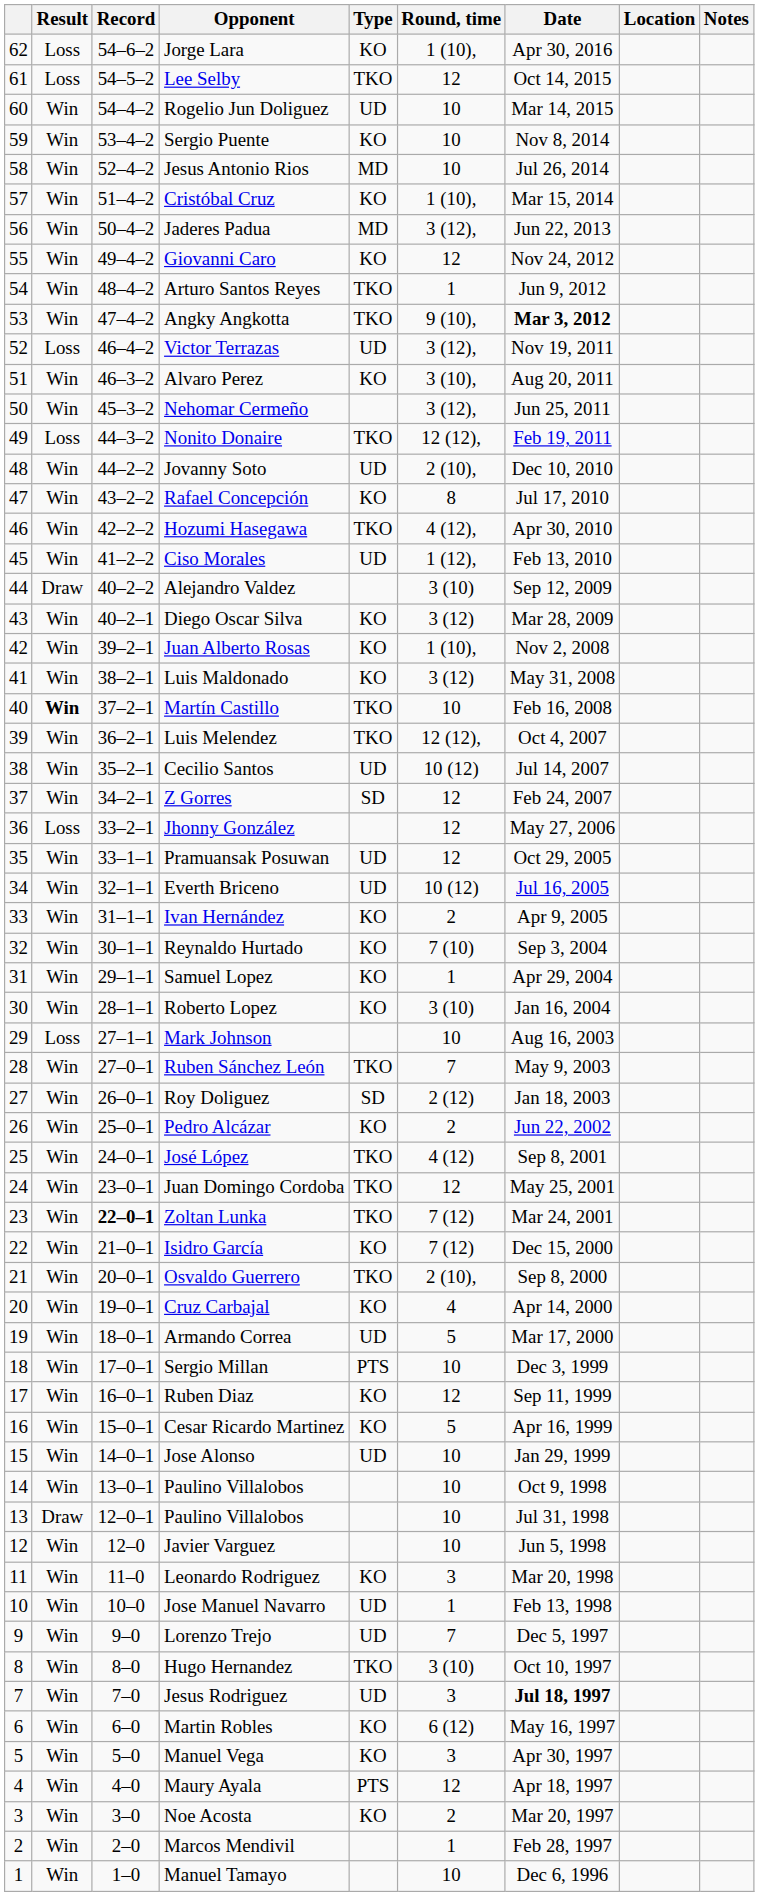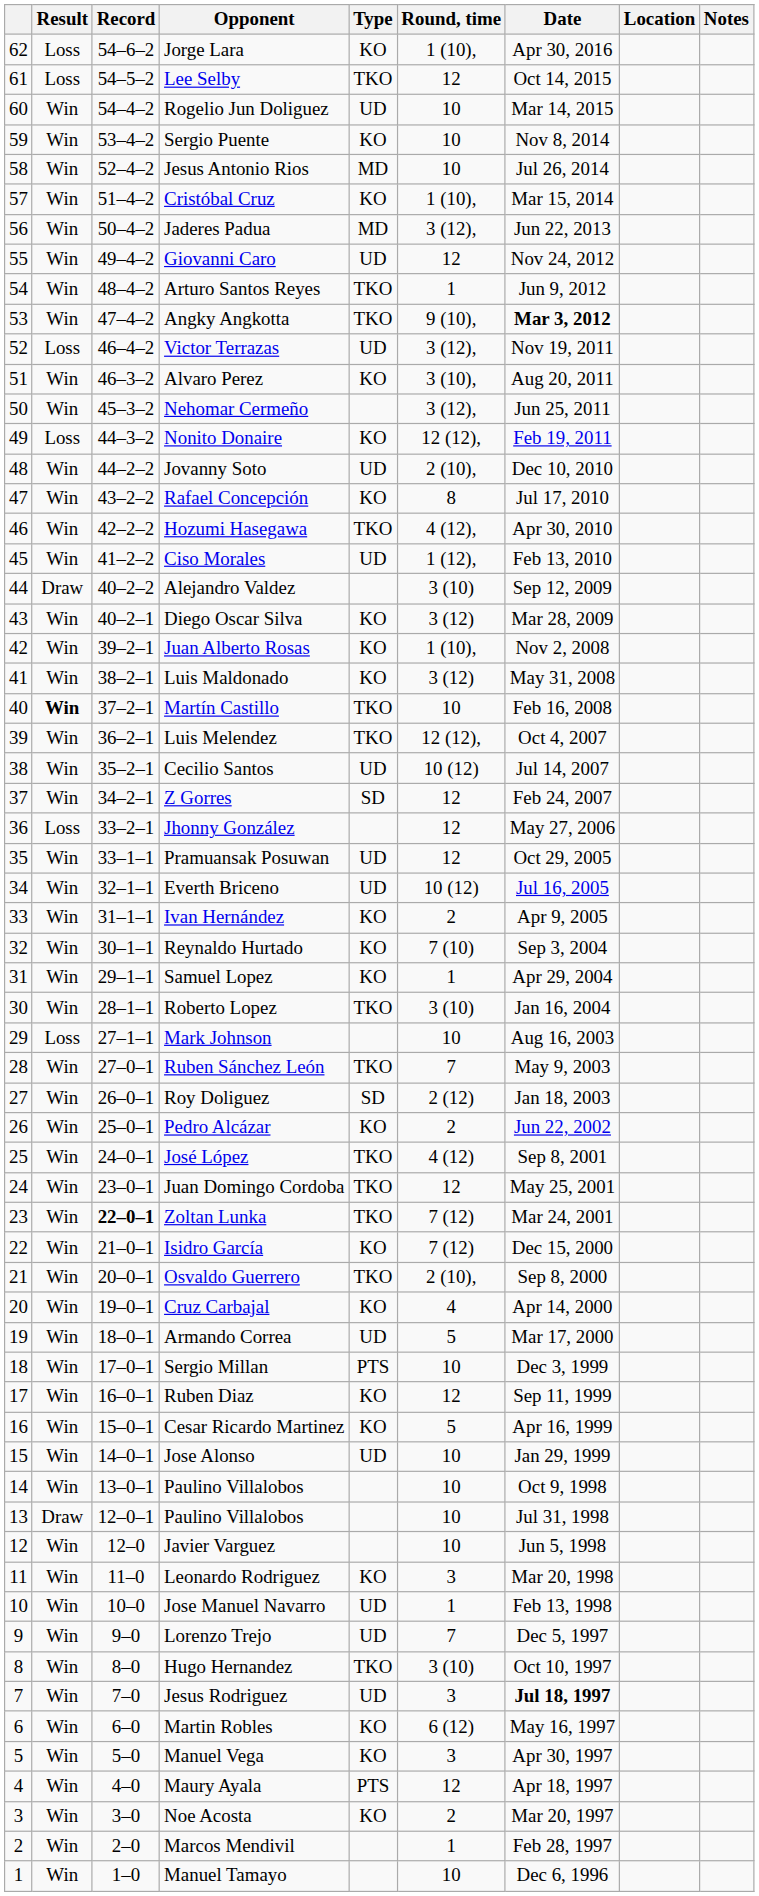 <table class="wikitable" style="text-align:center">
 <tr>
 <th></th>
 <th>Result</th>
 <th>Record</th>
 <th>Opponent</th>
 <th>Type</th>
 <th>Round, time</th>
 <th>Date</th>
 <th>Location</th>
 <th>Notes</th>
 </tr>
 <tr>
 <td>62</td>
 <td>Loss</td>
 <td>54–6–2</td>
 <td style="text-align:left;">Jorge Lara</td>
 <td>KO</td>
 <td>1 (10), </td>
 <td>Apr 30, 2016</td>
 <td style="text-align:left;"></td>
 <td></td>
 </tr>
 <tr>
 <td>61</td>
 <td>Loss</td>
 <td>54–5–2</td>
 <td style="text-align:left;"><a href='#'>Lee Selby</a></td>
 <td>TKO</td>
 <td>12</td>
 <td>Oct 14, 2015</td>
 <td style="text-align:left;"></td>
 <td style="text-align:left;"></td>
 </tr>
 <tr>
 <td>60</td>
 <td>Win</td>
 <td>54–4–2</td>
 <td style="text-align:left;">Rogelio Jun Doliguez</td>
 <td>UD</td>
 <td>10</td>
 <td>Mar 14, 2015</td>
 <td style="text-align:left;"></td>
 <td></td>
 </tr>
 <tr>
 <td>59</td>
 <td>Win</td>
 <td>53–4–2</td>
 <td style="text-align:left;">Sergio Puente</td>
 <td>KO</td>
 <td>10</td>
 <td>Nov 8, 2014</td>
 <td style="text-align:left;"></td>
 <td></td>
 </tr>
 <tr>
 <td>58</td>
 <td>Win</td>
 <td>52–4–2</td>
 <td style="text-align:left;">Jesus Antonio Rios</td>
 <td>MD</td>
 <td>10</td>
 <td>Jul 26, 2014</td>
 <td style="text-align:left;"></td>
 <td></td>
 </tr>
 <tr>
 <td>57</td>
 <td>Win</td>
 <td>51–4–2</td>
 <td style="text-align:left;"><a href='#'>Cristóbal Cruz</a></td>
 <td>KO</td>
 <td>1 (10), </td>
 <td>Mar 15, 2014</td>
 <td style="text-align:left;"></td>
 <td></td>
 </tr>
 <tr>
 <td>56</td>
 <td>Win</td>
 <td>50–4–2</td>
 <td style="text-align:left;">Jaderes Padua</td>
 <td>MD</td>
 <td>3 (12), </td>
 <td>Jun 22, 2013</td>
 <td style="text-align:left;"></td>
 <td style="text-align:left;"></td>
 </tr>
 <tr>
 <td>55</td>
 <td>Win</td>
 <td>49–4–2</td>
 <td style="text-align:left;"><a href='#'>Giovanni Caro</a></td>
-<td>KO</td>
+<td>UD</td>
 <td>12</td>
 <td>Nov 24, 2012</td>
 <td style="text-align:left;"></td>
 <td style="text-align:left;"></td>
 </tr>
 <tr>
 <td>54</td>
 <td>Win</td>
 <td>48–4–2</td>
 <td style="text-align:left;">Arturo Santos Reyes</td>
 <td>TKO</td>
 <td>1</td>
 <td>Jun 9, 2012</td>
 <td style="text-align:left;"></td>
 <td></td>
 </tr>
 <tr>
 <td>53</td>
 <td>Win</td>
 <td>47–4–2</td>
 <td style="text-align:left;">Angky Angkotta</td>
 <td>TKO</td>
 <td>9 (10), </td>
 <td><strong>Mar 3, 2012</strong></td>
 <td style="text-align:left;"></td>
 <td></td>
 </tr>
 <tr>
 <td>52</td>
 <td>Loss</td>
 <td>46–4–2</td>
 <td style="text-align:left;"><a href='#'>Victor Terrazas</a></td>
 <td>UD</td>
 <td>3 (12), </td>
 <td>Nov 19, 2011</td>
 <td style="text-align:left;"></td>
 <td style="text-align:left;"></td>
 </tr>
 <tr>
 <td>51</td>
 <td>Win</td>
 <td>46–3–2</td>
 <td style="text-align:left;">Alvaro Perez</td>
 <td>KO</td>
 <td>3 (10), </td>
 <td>Aug 20, 2011</td>
 <td style="text-align:left;"></td>
 <td></td>
 </tr>
 <tr>
 <td>50</td>
 <td>Win</td>
 <td>45–3–2</td>
 <td style="text-align:left;"><a href='#'>Nehomar Cermeño</a></td>
 <td></td>
 <td>3 (12), </td>
 <td>Jun 25, 2011</td>
 <td style="text-align:left;"></td>
 <td></td>
 </tr>
 <tr>
 <td>49</td>
 <td>Loss</td>
 <td>44–3–2</td>
 <td style="text-align:left;"><a href='#'>Nonito Donaire</a></td>
-<td>TKO</td>
+<td>KO</td>
 <td>12 (12), </td>
 <td><a href='#'>Feb 19, 2011</a></td>
 <td style="text-align:left;"></td>
 <td style="text-align:left;"></td>
 </tr>
 <tr>
 <td>48</td>
 <td>Win</td>
 <td>44–2–2</td>
 <td style="text-align:left;">Jovanny Soto</td>
 <td>UD</td>
 <td>2 (10), </td>
 <td>Dec 10, 2010</td>
 <td style="text-align:left;"></td>
 <td></td>
 </tr>
 <tr>
 <td>47</td>
 <td>Win</td>
 <td>43–2–2</td>
 <td style="text-align:left;"><a href='#'>Rafael Concepción</a></td>
 <td>KO</td>
 <td>8</td>
 <td>Jul 17, 2010</td>
 <td style="text-align:left;"></td>
 <td style="text-align:left;"></td>
 </tr>
 <tr>
 <td>46</td>
 <td>Win</td>
 <td>42–2–2</td>
 <td style="text-align:left;"><a href='#'>Hozumi Hasegawa</a></td>
 <td>TKO</td>
 <td>4 (12), </td>
 <td>Apr 30, 2010</td>
 <td style="text-align:left;"></td>
 <td style="text-align:left;"></td>
 </tr>
 <tr>
 <td>45</td>
 <td>Win</td>
 <td>41–2–2</td>
 <td style="text-align:left;"><a href='#'>Ciso Morales</a></td>
 <td>UD</td>
 <td>1 (12), </td>
 <td>Feb 13, 2010</td>
 <td style="text-align:left;"></td>
 <td style="text-align:left;"></td>
 </tr>
 <tr>
 <td>44</td>
 <td>Draw</td>
 <td>40–2–2</td>
 <td style="text-align:left;">Alejandro Valdez</td>
 <td></td>
 <td>3 (10)</td>
 <td>Sep 12, 2009</td>
 <td style="text-align:left;"></td>
 <td></td>
 </tr>
 <tr>
 <td>43</td>
 <td>Win</td>
 <td>40–2–1</td>
 <td style="text-align:left;">Diego Oscar Silva</td>
 <td>KO</td>
 <td>3 (12) </td>
 <td>Mar 28, 2009</td>
 <td style="text-align:left;"></td>
 <td style="text-align:left;"></td>
 </tr>
 <tr>
 <td>42</td>
 <td>Win</td>
 <td>39–2–1</td>
 <td style="text-align:left;"><a href='#'>Juan Alberto Rosas</a></td>
 <td>KO</td>
 <td>1 (10), </td>
 <td>Nov 2, 2008</td>
 <td style="text-align:left;"></td>
 <td></td>
 </tr>
 <tr>
 <td>41</td>
 <td>Win</td>
 <td>38–2–1</td>
 <td style="text-align:left;">Luis Maldonado</td>
 <td>KO</td>
 <td>3 (12) </td>
 <td>May 31, 2008</td>
 <td style="text-align:left;"></td>
 <td style="text-align:left;"></td>
 </tr>
 <tr>
 <td>40</td>
 <td><strong>Win</strong></td>
 <td>37–2–1</td>
 <td style="text-align:left;"><a href='#'>Martín Castillo</a></td>
 <td>TKO</td>
 <td>10</td>
 <td>Feb 16, 2008</td>
 <td style="text-align:left;"></td>
 <td style="text-align:left;"></td>
 </tr>
 <tr>
 <td>39</td>
 <td>Win</td>
 <td>36–2–1</td>
 <td style="text-align:left;">Luis Melendez</td>
 <td>TKO</td>
 <td>12 (12), </td>
 <td>Oct 4, 2007</td>
 <td style="text-align:left;"></td>
 <td style="text-align:left;"></td>
 </tr>
 <tr>
 <td>38</td>
 <td>Win</td>
 <td>35–2–1</td>
 <td style="text-align:left;">Cecilio Santos</td>
 <td>UD</td>
 <td>10 (12) </td>
 <td>Jul 14, 2007</td>
 <td style="text-align:left;"></td>
 <td style="text-align:left;"></td>
 </tr>
 <tr>
 <td>37</td>
 <td>Win</td>
 <td>34–2–1</td>
 <td style="text-align:left;"><a href='#'>Z Gorres</a></td>
 <td>SD</td>
 <td>12</td>
 <td>Feb 24, 2007</td>
 <td style="text-align:left;"></td>
 <td style="text-align:left;"></td>
 </tr>
 <tr>
 <td>36</td>
 <td>Loss</td>
 <td>33–2–1</td>
 <td style="text-align:left;"><a href='#'>Jhonny González</a></td>
 <td></td>
 <td>12</td>
 <td>May 27, 2006</td>
 <td style="text-align:left;"></td>
 <td style="text-align:left;"></td>
 </tr>
 <tr>
 <td>35</td>
 <td>Win</td>
 <td>33–1–1</td>
 <td style="text-align:left;">Pramuansak Posuwan</td>
 <td>UD</td>
 <td>12</td>
 <td>Oct 29, 2005</td>
 <td style="text-align:left;"></td>
 <td style="text-align:left;"></td>
 </tr>
 <tr>
 <td>34</td>
 <td>Win</td>
 <td>32–1–1</td>
 <td style="text-align:left;">Everth Briceno</td>
 <td>UD</td>
 <td>10 (12) </td>
 <td><a href='#'>Jul 16, 2005</a></td>
 <td style="text-align:left;"></td>
 <td style="text-align:left;"></td>
 </tr>
 <tr>
 <td>33</td>
 <td>Win</td>
 <td>31–1–1</td>
 <td style="text-align:left;"><a href='#'>Ivan Hernández</a></td>
 <td>KO</td>
 <td>2</td>
 <td>Apr 9, 2005</td>
 <td style="text-align:left;"></td>
 <td style="text-align:left;"></td>
 </tr>
 <tr>
 <td>32</td>
 <td>Win</td>
 <td>30–1–1</td>
 <td style="text-align:left;">Reynaldo Hurtado</td>
 <td>KO</td>
 <td>7 (10) </td>
 <td>Sep 3, 2004</td>
 <td style="text-align:left;"></td>
 <td></td>
 </tr>
 <tr>
 <td>31</td>
 <td>Win</td>
 <td>29–1–1</td>
 <td style="text-align:left;">Samuel Lopez</td>
 <td>KO</td>
 <td>1</td>
 <td>Apr 29, 2004</td>
 <td style="text-align:left;"></td>
 <td></td>
 </tr>
 <tr>
 <td>30</td>
 <td>Win</td>
 <td>28–1–1</td>
 <td style="text-align:left;">Roberto Lopez</td>
-<td>KO</td>
+<td>TKO</td>
 <td>3 (10) </td>
 <td>Jan 16, 2004</td>
 <td style="text-align:left;"></td>
 <td></td>
 </tr>
 <tr>
 <td>29</td>
 <td>Loss</td>
 <td>27–1–1</td>
 <td style="text-align:left;"><a href='#'>Mark Johnson</a></td>
 <td></td>
 <td>10</td>
 <td>Aug 16, 2003</td>
 <td style="text-align:left;"></td>
 <td style="text-align:left;"></td>
 </tr>
 <tr>
 <td>28</td>
 <td>Win</td>
 <td>27–0–1</td>
 <td style="text-align:left;"><a href='#'>Ruben Sánchez León</a></td>
 <td>TKO</td>
 <td>7</td>
 <td>May 9, 2003</td>
 <td style="text-align:left;"></td>
 <td></td>
 </tr>
 <tr>
 <td>27</td>
 <td>Win</td>
 <td>26–0–1</td>
 <td style="text-align:left;">Roy Doliguez</td>
 <td>SD</td>
 <td>2 (12)</td>
 <td>Jan 18, 2003</td>
 <td style="text-align:left;"></td>
 <td style="text-align:left;"></td>
 </tr>
 <tr>
 <td>26</td>
 <td>Win</td>
 <td>25–0–1</td>
 <td style="text-align:left;"><a href='#'>Pedro Alcázar</a></td>
 <td>KO</td>
 <td>2</td>
 <td><a href='#'>Jun 22, 2002</a></td>
 <td style="text-align:left;"></td>
 <td style="text-align:left;"></td>
 </tr>
 <tr>
 <td>25</td>
 <td>Win</td>
 <td>24–0–1</td>
 <td style="text-align:left;"><a href='#'>José López</a></td>
 <td>TKO</td>
 <td>4 (12) </td>
 <td>Sep 8, 2001</td>
 <td style="text-align:left;"></td>
 <td style="text-align:left;"></td>
 </tr>
 <tr>
 <td>24</td>
 <td>Win</td>
 <td>23–0–1</td>
 <td style="text-align:left;">Juan Domingo Cordoba</td>
 <td>TKO</td>
 <td>12</td>
 <td>May 25, 2001</td>
 <td style="text-align:left;"></td>
 <td style="text-align:left;"></td>
 </tr>
 <tr>
 <td>23</td>
 <td>Win</td>
 <td><strong>22–0–1</strong></td>
 <td style="text-align:left;"><a href='#'>Zoltan Lunka</a></td>
 <td>TKO</td>
 <td>7 (12) </td>
 <td>Mar 24, 2001</td>
 <td style="text-align:left;"></td>
 <td style="text-align:left;"></td>
 </tr>
 <tr>
 <td>22</td>
 <td>Win</td>
 <td>21–0–1</td>
 <td style="text-align:left;"><a href='#'>Isidro García</a></td>
 <td>KO</td>
 <td>7 (12) </td>
 <td>Dec 15, 2000</td>
 <td style="text-align:left;"></td>
 <td style="text-align:left;"></td>
 </tr>
 <tr>
 <td>21</td>
 <td>Win</td>
 <td>20–0–1</td>
 <td style="text-align:left;"><a href='#'>Osvaldo Guerrero</a></td>
 <td>TKO</td>
 <td>2 (10), </td>
 <td>Sep 8, 2000</td>
 <td style="text-align:left;"></td>
 <td></td>
 </tr>
 <tr>
 <td>20</td>
 <td>Win</td>
 <td>19–0–1</td>
 <td style="text-align:left;"><a href='#'>Cruz Carbajal</a></td>
 <td>KO</td>
 <td>4</td>
 <td>Apr 14, 2000</td>
 <td style="text-align:left;"></td>
 <td></td>
 </tr>
 <tr>
 <td>19</td>
 <td>Win</td>
 <td>18–0–1</td>
 <td style="text-align:left;">Armando Correa</td>
 <td>UD</td>
 <td>5</td>
 <td>Mar 17, 2000</td>
 <td style="text-align:left;"></td>
 <td></td>
 </tr>
 <tr>
 <td>18</td>
 <td>Win</td>
 <td>17–0–1</td>
 <td style="text-align:left;">Sergio Millan</td>
 <td>PTS</td>
 <td>10</td>
 <td>Dec 3, 1999</td>
 <td style="text-align:left;"></td>
 <td></td>
 </tr>
 <tr>
 <td>17</td>
 <td>Win</td>
 <td>16–0–1</td>
 <td style="text-align:left;">Ruben Diaz</td>
 <td>KO</td>
 <td>12</td>
 <td>Sep 11, 1999</td>
 <td style="text-align:left;"></td>
 <td style="text-align:left;"></td>
 </tr>
 <tr>
 <td>16</td>
 <td>Win</td>
 <td>15–0–1</td>
 <td style="text-align:left;">Cesar Ricardo Martinez</td>
 <td>KO</td>
 <td>5</td>
 <td>Apr 16, 1999</td>
 <td style="text-align:left;"></td>
 <td></td>
 </tr>
 <tr>
 <td>15</td>
 <td>Win</td>
 <td>14–0–1</td>
 <td style="text-align:left;">Jose Alonso</td>
 <td>UD</td>
 <td>10</td>
 <td>Jan 29, 1999</td>
 <td style="text-align:left;"></td>
 <td></td>
 </tr>
 <tr>
 <td>14</td>
 <td>Win</td>
 <td>13–0–1</td>
 <td style="text-align:left;">Paulino Villalobos</td>
 <td></td>
 <td>10</td>
 <td>Oct 9, 1998</td>
 <td style="text-align:left;"></td>
 <td></td>
 </tr>
 <tr>
 <td>13</td>
 <td>Draw</td>
 <td>12–0–1</td>
 <td style="text-align:left;">Paulino Villalobos</td>
 <td></td>
 <td>10</td>
 <td>Jul 31, 1998</td>
 <td style="text-align:left;"></td>
 <td></td>
 </tr>
 <tr>
 <td>12</td>
 <td>Win</td>
 <td>12–0</td>
 <td style="text-align:left;">Javier Varguez</td>
 <td></td>
 <td>10</td>
 <td>Jun 5, 1998</td>
 <td style="text-align:left;"></td>
 <td></td>
 </tr>
 <tr>
 <td>11</td>
 <td>Win</td>
 <td>11–0</td>
 <td style="text-align:left;">Leonardo Rodriguez</td>
 <td>KO</td>
 <td>3</td>
 <td>Mar 20, 1998</td>
 <td style="text-align:left;"></td>
 <td></td>
 </tr>
 <tr>
 <td>10</td>
 <td>Win</td>
 <td>10–0</td>
 <td style="text-align:left;">Jose Manuel Navarro</td>
 <td>UD</td>
 <td>1</td>
 <td>Feb 13, 1998</td>
 <td style="text-align:left;"></td>
 <td></td>
 </tr>
 <tr>
 <td>9</td>
 <td>Win</td>
 <td>9–0</td>
 <td style="text-align:left;">Lorenzo Trejo</td>
 <td>UD</td>
 <td>7</td>
 <td>Dec 5, 1997</td>
 <td style="text-align:left;"></td>
 <td></td>
 </tr>
 <tr>
 <td>8</td>
 <td>Win</td>
 <td>8–0</td>
 <td style="text-align:left;">Hugo Hernandez</td>
 <td>TKO</td>
 <td>3 (10) </td>
 <td>Oct 10, 1997</td>
 <td style="text-align:left;"></td>
 <td></td>
 </tr>
 <tr>
 <td>7</td>
 <td>Win</td>
 <td>7–0</td>
 <td style="text-align:left;">Jesus Rodriguez</td>
 <td>UD</td>
 <td>3</td>
 <td><strong>Jul 18, 1997</strong></td>
 <td style="text-align:left;"></td>
 <td></td>
 </tr>
 <tr>
 <td>6</td>
 <td>Win</td>
 <td>6–0</td>
 <td style="text-align:left;">Martin Robles</td>
 <td>KO</td>
 <td>6 (12) </td>
 <td>May 16, 1997</td>
 <td style="text-align:left;"></td>
 <td></td>
 </tr>
 <tr>
 <td>5</td>
 <td>Win</td>
 <td>5–0</td>
 <td style="text-align:left;">Manuel Vega</td>
 <td>KO</td>
 <td>3</td>
 <td>Apr 30, 1997</td>
 <td style="text-align:left;"></td>
 <td></td>
 </tr>
 <tr>
 <td>4</td>
 <td>Win</td>
 <td>4–0</td>
 <td style="text-align:left;">Maury Ayala</td>
 <td>PTS</td>
 <td>12</td>
 <td>Apr 18, 1997</td>
 <td style="text-align:left;"></td>
 <td></td>
 </tr>
 <tr>
 <td>3</td>
 <td>Win</td>
 <td>3–0</td>
 <td style="text-align:left;">Noe Acosta</td>
 <td>KO</td>
 <td>2</td>
 <td>Mar 20, 1997</td>
 <td style="text-align:left;"></td>
 <td></td>
 </tr>
 <tr>
 <td>2</td>
 <td>Win</td>
 <td>2–0</td>
 <td style="text-align:left;">Marcos Mendivil</td>
 <td></td>
 <td>1</td>
 <td>Feb 28, 1997</td>
 <td style="text-align:left;"></td>
 <td></td>
 </tr>
 <tr>
 <td>1</td>
 <td>Win</td>
 <td>1–0</td>
 <td style="text-align:left;">Manuel Tamayo</td>
 <td></td>
 <td>10</td>
 <td>Dec 6, 1996</td>
 <td style="text-align:left;"></td>
 <td style="text-align:left;"></td>
 </tr>
 </table>
